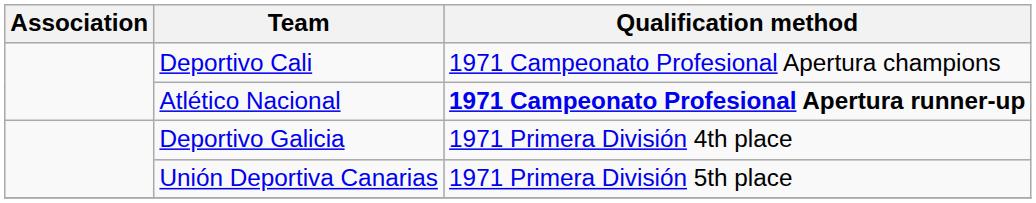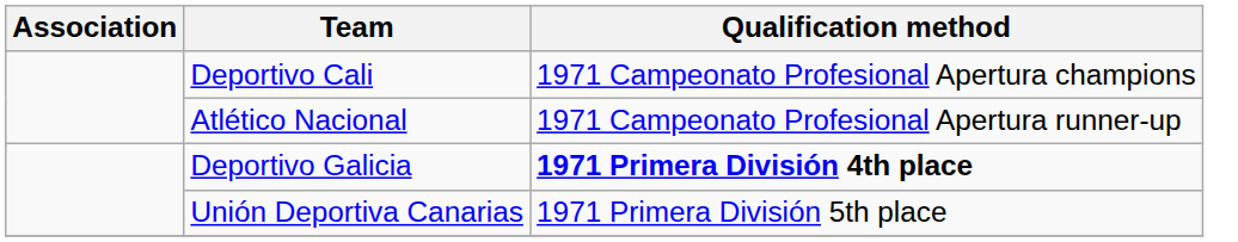 <table class="wikitable">
 <tr>
 <th>Association</th>
 <th>Team </th>
 <th>Qualification method</th>
 </tr>
 <tr>
 <td rowspan=2><br></td>
 <td><a href='#'>Deportivo Cali</a></td>
 <td><a href='#'>1971 Campeonato Profesional</a> Apertura champions</td>
 </tr>
 <tr>
 <td><a href='#'>Atlético Nacional</a></td>
-<td><strong><a href='#'>1971 Campeonato Profesional</a> Apertura runner-up</strong></td>
+<td><a href='#'>1971 Campeonato Profesional</a> Apertura runner-up</td>
 </tr>
 <tr>
 <td rowspan=2><br></td>
 <td><a href='#'>Deportivo Galicia</a></td>
-<td><a href='#'>1971 Primera División</a> 4th place</td>
+<td><strong><a href='#'>1971 Primera División</a> 4th place</strong></td>
 </tr>
 <tr>
 <td><a href='#'>Unión Deportiva Canarias</a></td>
 <td><a href='#'>1971 Primera División</a> 5th place</td>
 </tr>
 <tr>
 </tr>
 </table>
